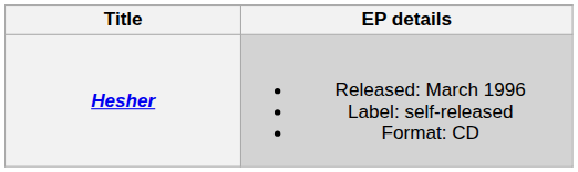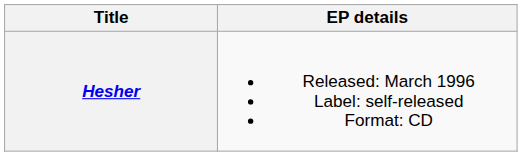 <table class="wikitable plainrowheaders" style="text-align:center;">
 <tr>
 <th scope="col" style="width:12em;">Title</th>
 <th scope="col" style="width:17em;">EP details</th>
 </tr>
 <tr>
 <th scope="row"><em><a href='#'>Hesher</a></em></th>
-<td style="background: lightgrey;"><br><ul><li>Released: March 1996</li><li>Label: self-released</li><li>Format: CD</li></ul></td>
+<td><br><ul><li>Released: March 1996</li><li>Label: self-released</li><li>Format: CD</li></ul></td>
 </tr>
 </table>
